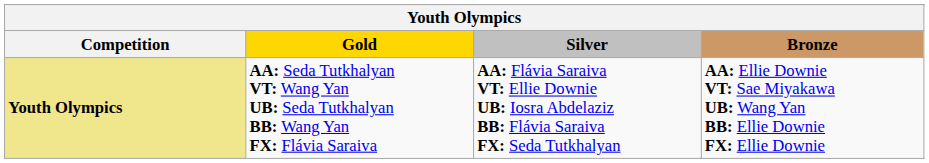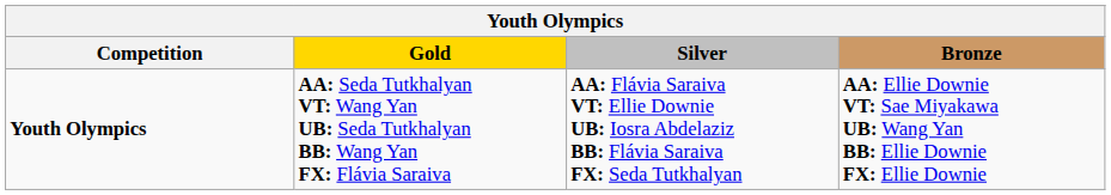 <table class="wikitable" style="width:70%;">
 <tr>
 </tr>
 <tr>
 <th colspan=4>Youth Olympics</th>
 </tr>
 <tr>
 <th style="text-align:center; width:5%;">Competition</th>
 <td style="text-align:center; width:5%; background:gold;"><strong>Gold</strong></td>
 <td style="text-align:center; width:5%; background:silver;"><strong>Silver</strong></td>
 <td style="text-align:center; width:5%; background:#c96;"><strong>Bronze</strong></td>
 </tr>
 <tr>
-<td style="background: khaki;"><strong>Youth Olympics</strong></td>
+<td><strong>Youth Olympics</strong></td>
 <td><strong>AA:</strong>  <a href='#'>Seda Tutkhalyan</a> <br> <strong>VT:</strong>  <a href='#'>Wang Yan</a>  <br> <strong>UB:</strong>  <a href='#'>Seda Tutkhalyan</a> <br> <strong>BB:</strong>  <a href='#'>Wang Yan</a>  <br> <strong>FX:</strong>  <a href='#'>Flávia Saraiva</a></td>
 <td><strong>AA:</strong>  <a href='#'>Flávia Saraiva</a> <br> <strong>VT:</strong>  <a href='#'>Ellie Downie</a>  <br> <strong>UB:</strong>  <a href='#'>Iosra Abdelaziz</a> <br> <strong>BB:</strong>  <a href='#'>Flávia Saraiva</a>  <br> <strong>FX:</strong>  <a href='#'>Seda Tutkhalyan</a></td>
 <td><strong>AA:</strong>  <a href='#'>Ellie Downie</a> <br> <strong>VT:</strong>  <a href='#'>Sae Miyakawa</a>  <br> <strong>UB:</strong>  <a href='#'>Wang Yan</a>  <br> <strong>BB:</strong>  <a href='#'>Ellie Downie</a>  <br> <strong>FX:</strong>  <a href='#'>Ellie Downie</a></td>
 </tr>
 </table>
